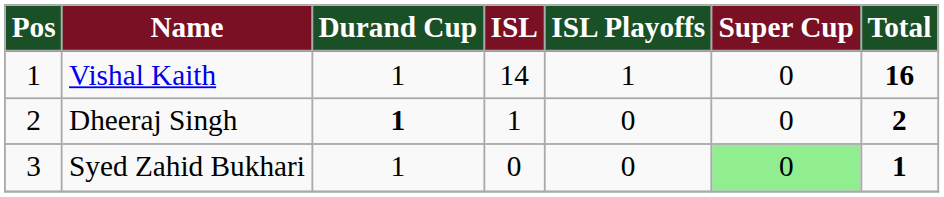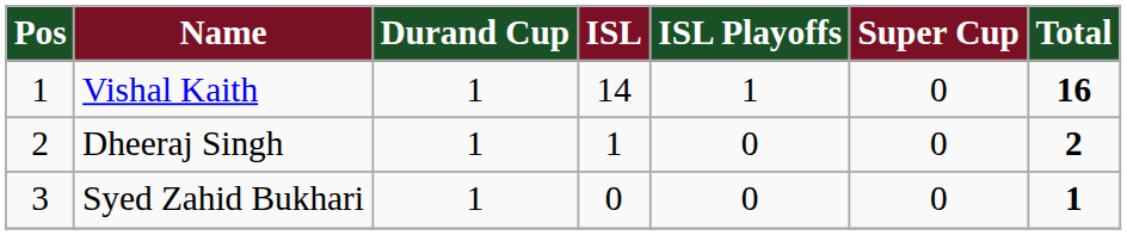 <table class="wikitable" margin-left:1em;float:center>
 <tr>
 <th style="background:#1A5026; color:white; text-align:center;">Pos</th>
 <th style="background:#7A1024; color:white; text-align:center;">Name</th>
 <th style="background:#1A5026;  color:white; text-align:center;">Durand Cup</th>
 <th style="background:#7A1024; color:white; text-align:center;">ISL</th>
 <th style="background:#1A5026; color:white; text-align:center;">ISL Playoffs</th>
 <th style="background:#7A1024; color:white; text-align:center;">Super Cup</th>
 <th style="background:#1A5026; color:white; text-align:center;">Total</th>
 </tr>
 <tr>
 <td rowspan="1"style="text-align:center">1</td>
 <td> <a href='#'>Vishal Kaith</a></td>
 <td style="text-align:center">1</td>
 <td style="text-align:center">14</td>
 <td style="text-align:center">1</td>
 <td style="text-align:center">0</td>
 <td style="text-align:center"><strong>16</strong></td>
 </tr>
 <tr>
 <td rowspan="1"style="text-align:center">2</td>
 <td> Dheeraj Singh</td>
-<td style="text-align:center"><strong>1</strong></td>
+<td style="text-align:center">1</td>
 <td style="text-align:center">1</td>
 <td style="text-align:center">0</td>
 <td style="text-align:center">0</td>
 <td style="text-align:center"><strong>2</strong></td>
 </tr>
 <tr>
 <td rowspan="1"style="text-align:center">3</td>
 <td> Syed Zahid Bukhari</td>
 <td style="text-align:center">1</td>
 <td style="text-align:center">0</td>
 <td style="text-align:center">0</td>
-<td style="background: lightgreen; text-align:center">0</td>
+<td style="text-align:center">0</td>
 <td style="text-align:center"><strong>1</strong></td>
 </tr>
 <tr>
 </tr>
 </table>
